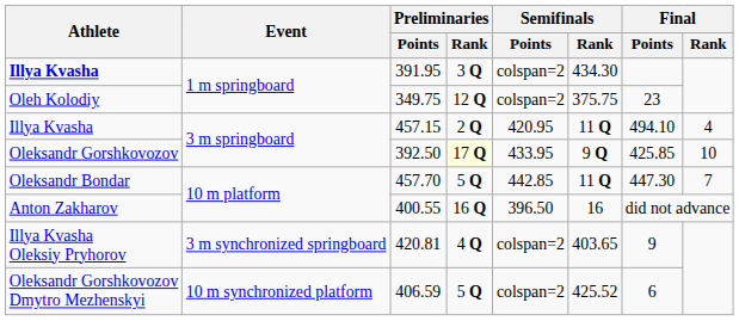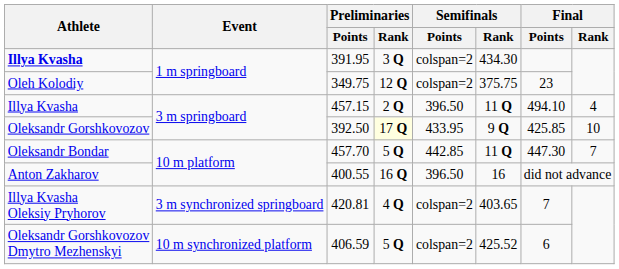 <table class=wikitable style="font-size:90%;">
 <tr>
 <th rowspan="2">Athlete</th>
 <th rowspan="2">Event</th>
 <th colspan="2">Preliminaries</th>
 <th colspan="2">Semifinals</th>
 <th colspan="2">Final</th>
 </tr>
 <tr style="font-size:95%">
 <th>Points</th>
 <th>Rank</th>
 <th>Points</th>
 <th>Rank</th>
 <th>Points</th>
 <th>Rank</th>
 </tr>
 <tr align=center>
 <td align=left><strong><a href='#'>Illya Kvasha</a></strong></td>
 <td align=left rowspan=2><a href='#'>1 m springboard</a></td>
 <td>391.95</td>
 <td>3 <strong>Q</strong></td>
 <td>colspan=2 </td>
 <td>434.30</td>
 <td></td>
 </tr>
 <tr align=center>
 <td align=left><a href='#'>Oleh Kolodiy</a></td>
 <td>349.75</td>
 <td>12 <strong>Q</strong></td>
 <td>colspan=2 </td>
 <td>375.75</td>
 <td>23</td>
 </tr>
 <tr align=center>
 <td align=left><a href='#'>Illya Kvasha</a></td>
 <td align=left rowspan=2><a href='#'>3 m springboard</a></td>
 <td>457.15</td>
 <td>2 <strong>Q</strong></td>
-<td>420.95</td>
+<td>396.50</td>
 <td>11 <strong>Q</strong></td>
 <td>494.10</td>
 <td>4</td>
 </tr>
 <tr align=center>
 <td align=left><a href='#'>Oleksandr Gorshkovozov</a></td>
 <td>392.50</td>
 <td style="background: lightyellow;">17 <strong>Q</strong></td>
 <td>433.95</td>
 <td>9 <strong>Q</strong></td>
 <td>425.85</td>
 <td>10</td>
 </tr>
 <tr align=center>
 <td align=left><a href='#'>Oleksandr Bondar</a></td>
 <td align=left rowspan=2><a href='#'>10 m platform</a></td>
 <td>457.70</td>
 <td>5 <strong>Q</strong></td>
 <td>442.85</td>
 <td>11 <strong>Q</strong></td>
 <td>447.30</td>
 <td>7</td>
 </tr>
 <tr align=center>
 <td align=left><a href='#'>Anton Zakharov</a></td>
 <td>400.55</td>
 <td>16 <strong>Q</strong></td>
 <td>396.50</td>
 <td>16</td>
 <td colspan=2>did not advance</td>
 </tr>
 <tr align=center>
 <td align=left><a href='#'>Illya Kvasha</a><br><a href='#'>Oleksiy Pryhorov</a></td>
 <td align=left><a href='#'>3 m synchronized springboard</a></td>
 <td>420.81</td>
 <td>4 <strong>Q</strong></td>
 <td>colspan=2 </td>
 <td>403.65</td>
-<td>9</td>
+<td>7</td>
 </tr>
 <tr align=center>
 <td align=left><a href='#'>Oleksandr Gorshkovozov</a><br><a href='#'>Dmytro Mezhenskyi</a></td>
 <td align=left><a href='#'>10 m synchronized platform</a></td>
 <td>406.59</td>
 <td>5 <strong>Q</strong></td>
 <td>colspan=2 </td>
 <td>425.52</td>
 <td>6</td>
 </tr>
 </table>
